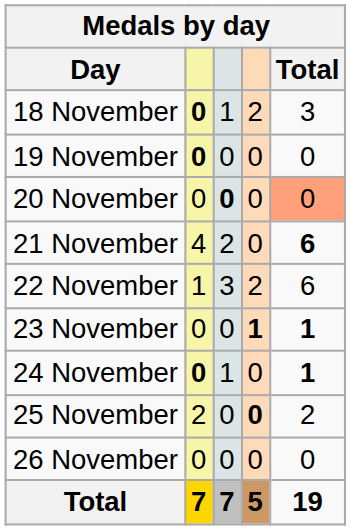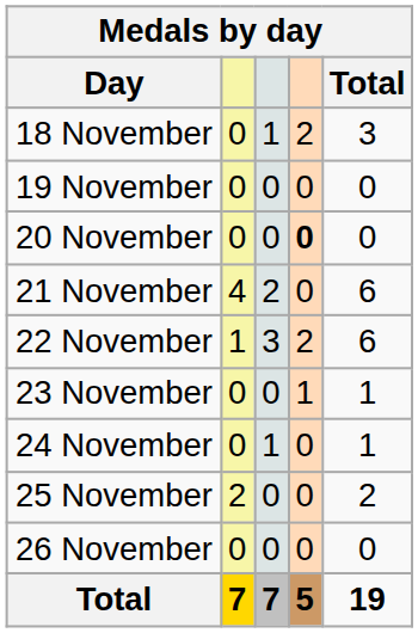 <table class="wikitable" style="font-size:85%; float:right">
 <tr align=center>
 <th colspan=5>Medals by day</th>
 </tr>
 <tr align=center>
 <th>Day</th>
 <td bgcolor=F7F6A8></td>
 <td bgcolor=DCE5E5></td>
 <td bgcolor=FFDAB9></td>
 <th>Total</th>
 </tr>
 <tr align=center>
 <td nowrap>18 November</td>
-<td style="background:#F7F6A8;"><strong>0</strong></td>
+<td style="background:#F7F6A8;">0</td>
 <td style="background:#DCE5E5;">1</td>
 <td style="background:#FFDAB9;">2</td>
 <td>3</td>
 </tr>
 <tr align=center>
 <td>19 November</td>
-<td style="background:#F7F6A8;"><strong>0</strong></td>
+<td style="background:#F7F6A8;">0</td>
 <td style="background:#DCE5E5;">0</td>
 <td style="background:#FFDAB9;">0</td>
 <td>0</td>
 </tr>
 <tr align=center>
 <td>20 November</td>
 <td style="background:#F7F6A8;">0</td>
-<td style="background:#DCE5E5;"><strong>0</strong></td>
-<td style="background:#FFDAB9;">0</td>
-<td style="background: lightsalmon;">0</td>
+<td style="background:#DCE5E5;">0</td>
+<td style="background:#FFDAB9;"><strong>0</strong></td>
+<td>0</td>
 </tr>
 <tr align=center>
 <td>21 November</td>
 <td style="background:#F7F6A8;">4</td>
 <td style="background:#DCE5E5;">2</td>
 <td style="background:#FFDAB9;">0</td>
-<td><strong>6</strong></td>
+<td>6</td>
 </tr>
 <tr align=center>
 <td>22 November</td>
 <td style="background:#F7F6A8;">1</td>
 <td style="background:#DCE5E5;">3</td>
 <td style="background:#FFDAB9;">2</td>
 <td>6</td>
 </tr>
 <tr align=center>
 <td>23 November</td>
 <td style="background:#F7F6A8;">0</td>
 <td style="background:#DCE5E5;">0</td>
-<td style="background:#FFDAB9;"><strong>1</strong></td>
-<td><strong>1</strong></td>
+<td style="background:#FFDAB9;">1</td>
+<td>1</td>
 </tr>
 <tr align=center>
 <td>24 November</td>
-<td style="background:#F7F6A8;"><strong>0</strong></td>
+<td style="background:#F7F6A8;">0</td>
 <td style="background:#DCE5E5;">1</td>
 <td style="background:#FFDAB9;">0</td>
-<td><strong>1</strong></td>
+<td>1</td>
 </tr>
 <tr align=center>
 <td>25 November</td>
 <td style="background:#F7F6A8;">2</td>
 <td style="background:#DCE5E5;">0</td>
-<td style="background:#FFDAB9;"><strong>0</strong></td>
+<td style="background:#FFDAB9;">0</td>
 <td>2</td>
 </tr>
 <tr align=center>
 <td>26 November</td>
 <td style="background:#F7F6A8;">0</td>
 <td style="background:#DCE5E5;">0</td>
 <td style="background:#FFDAB9;">0</td>
 <td>0</td>
 </tr>
 <tr align=center>
 <th><strong>Total</strong></th>
 <th style="background:gold;"><strong>7</strong></th>
 <th style="background:silver;"><strong>7</strong></th>
 <th style="background:#c96;"><strong>5</strong></th>
 <td><strong>19</strong></td>
 </tr>
 </table>
